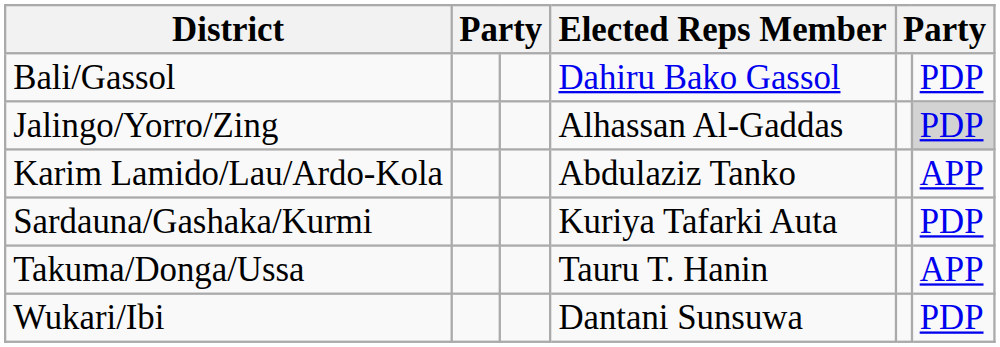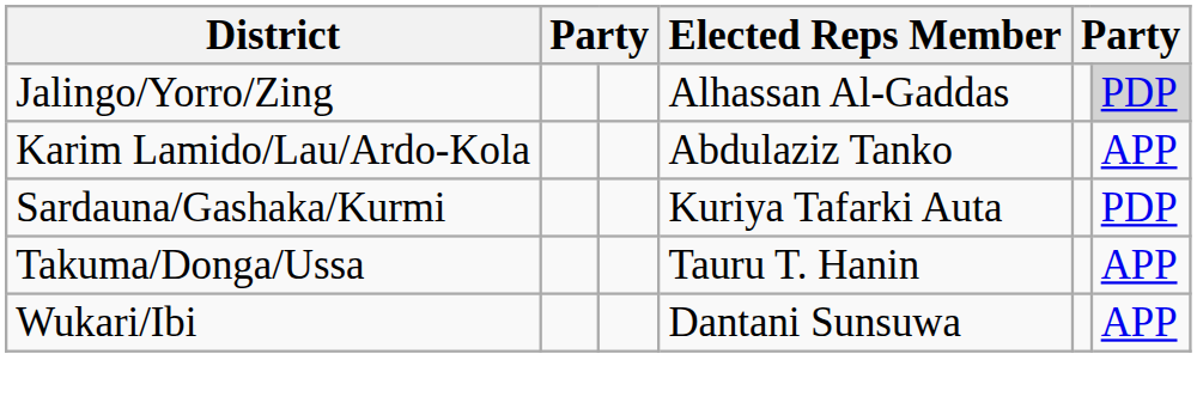 <table class="sortable wikitable" style="font-size:95%;line-height:14px;">
 <tr>
 <th class="unsortable">District</th>
 <th colspan="2">Party</th>
 <th class="unsortable">Elected Reps Member</th>
 <th colspan="2">Party</th>
-</tr>
-<tr>
-<td>Bali/Gassol</td>
-<td></td>
-<td></td>
-<td><a href='#'>Dahiru Bako Gassol</a></td>
-<td style="background:"></td>
-<td><a href='#'>PDP</a></td>
 </tr>
 <tr>
 <td>Jalingo/Yorro/Zing</td>
 <td></td>
 <td></td>
 <td>Alhassan Al-Gaddas</td>
 <td style="background:"></td>
 <td style="background: lightgrey;"><a href='#'>PDP</a></td>
 </tr>
 <tr>
 <td>Karim Lamido/Lau/Ardo-Kola</td>
 <td></td>
 <td></td>
 <td>Abdulaziz Tanko</td>
 <td style="background:"></td>
 <td><a href='#'>APP</a></td>
 </tr>
 <tr>
 <td>Sardauna/Gashaka/Kurmi</td>
 <td></td>
 <td></td>
 <td>Kuriya Tafarki Auta</td>
 <td style="background:"></td>
 <td><a href='#'>PDP</a></td>
 </tr>
 <tr>
 <td>Takuma/Donga/Ussa</td>
 <td></td>
 <td></td>
 <td>Tauru T. Hanin</td>
 <td style="background:;"></td>
 <td><a href='#'>APP</a></td>
 </tr>
 <tr>
 <td>Wukari/Ibi</td>
 <td></td>
 <td></td>
 <td>Dantani Sunsuwa</td>
 <td style="background:"></td>
-<td><a href='#'>PDP</a></td>
+<td><a href='#'>APP</a></td>
 </tr>
 </table>
